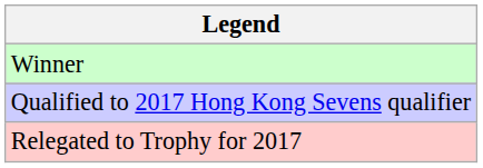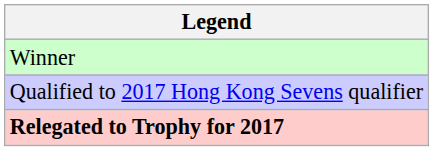 <table class="wikitable">
 <tr>
 <th>Legend</th>
 </tr>
 <tr bgcolor=ccffcc>
 <td>Winner</td>
 </tr>
 <tr bgcolor=ccccff>
 <td>Qualified to <a href='#'>2017 Hong Kong Sevens</a> qualifier</td>
 </tr>
 <tr bgcolor=ffcccc>
-<td>Relegated to Trophy for 2017</td>
+<td><strong>Relegated to Trophy for 2017</strong></td>
 </tr>
 </table>
